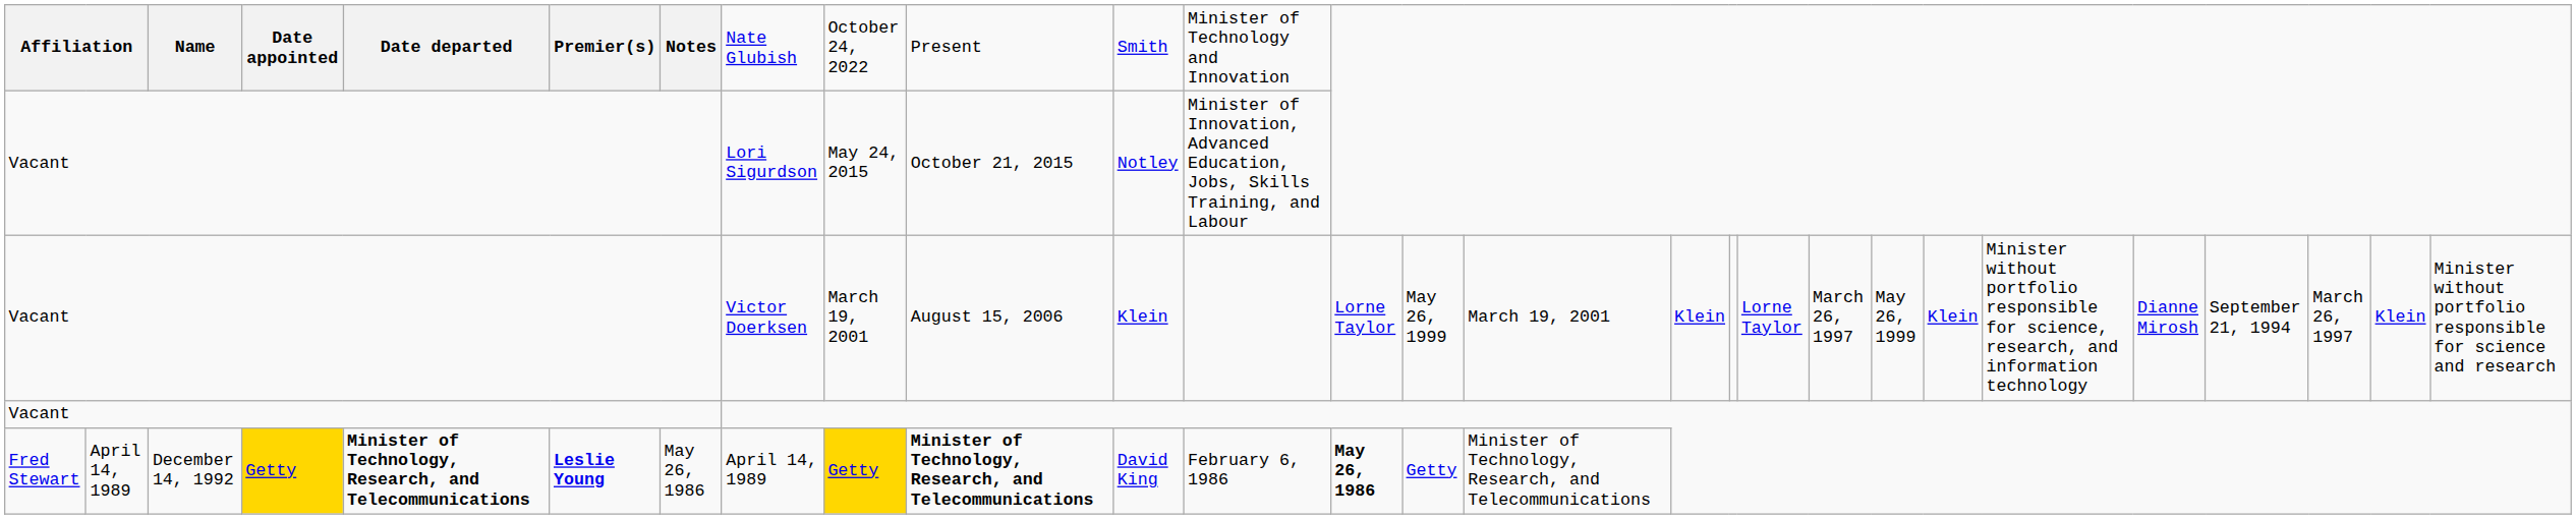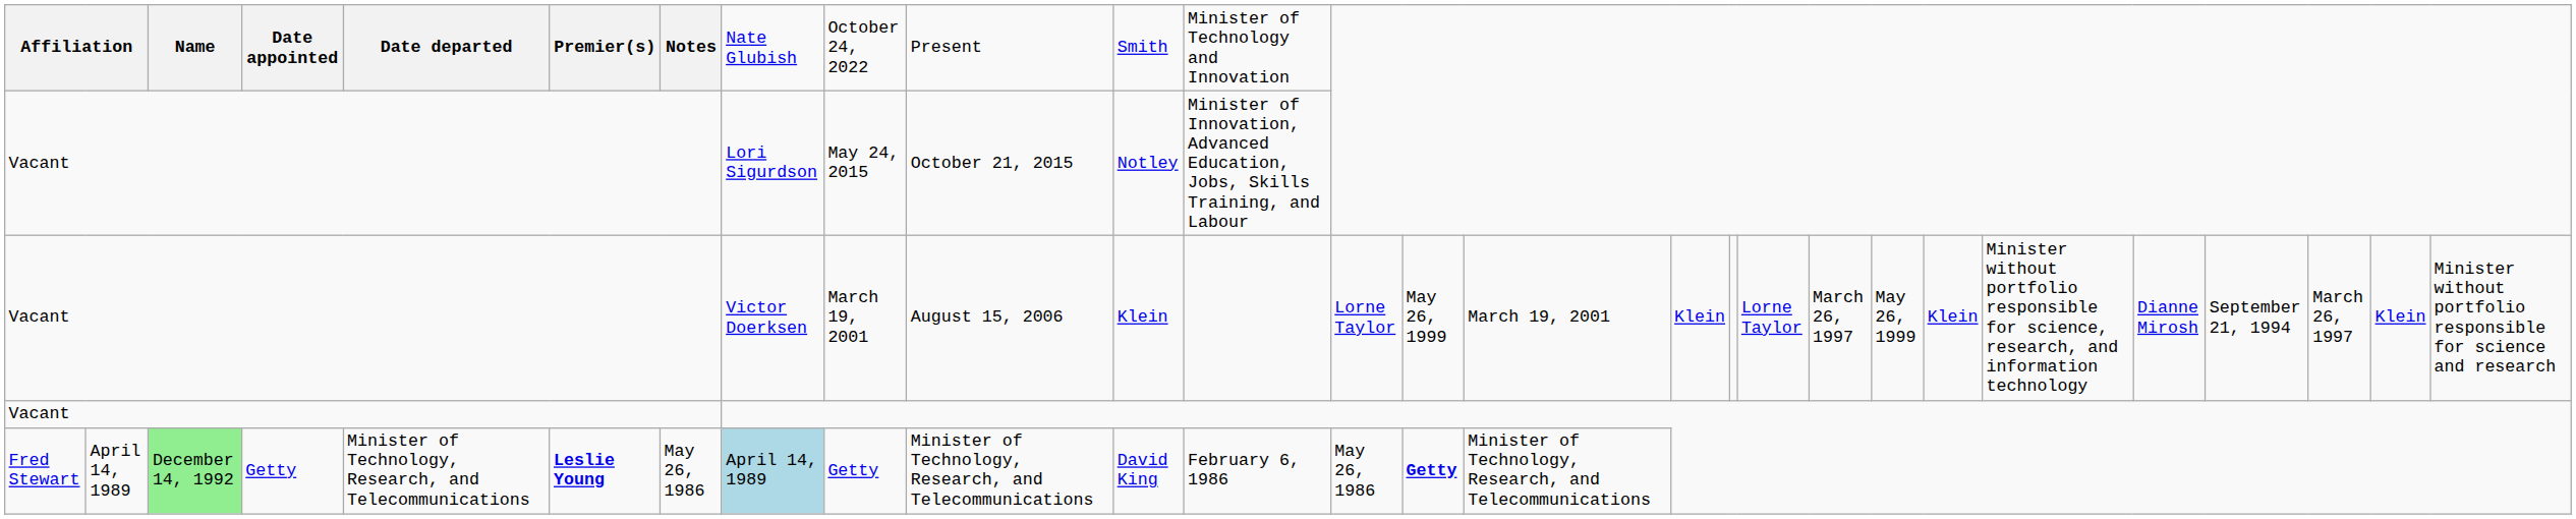 <table class="wikitable">
 <tr>
 <th colspan="2">Affiliation</th>
 <th>Name</th>
 <th>Date appointed</th>
 <th>Date departed</th>
 <th>Premier(s)</th>
 <th>Notes<br></th>
 <td><a href='#'>Nate Glubish</a></td>
 <td>October 24, 2022</td>
 <td>Present</td>
 <td><a href='#'>Smith</a></td>
 <td>Minister of Technology and Innovation</td>
 </tr>
 <tr>
 <td colspan="7">Vacant<br></td>
 <td><a href='#'>Lori Sigurdson</a></td>
 <td>May 24, 2015</td>
 <td>October 21, 2015</td>
 <td><a href='#'>Notley</a></td>
 <td>Minister of Innovation, Advanced Education, Jobs, Skills Training, and Labour</td>
 </tr>
 <tr>
 <td colspan="7">Vacant<br></td>
 <td><a href='#'>Victor Doerksen</a></td>
 <td>March 19, 2001</td>
 <td>August 15, 2006</td>
 <td><a href='#'>Klein</a></td>
 <td><br></td>
 <td><a href='#'>Lorne Taylor</a></td>
 <td>May 26, 1999</td>
 <td>March 19, 2001</td>
 <td><a href='#'>Klein</a></td>
 <td><br></td>
 <td><a href='#'>Lorne Taylor</a></td>
 <td>March 26, 1997</td>
 <td>May 26, 1999</td>
 <td><a href='#'>Klein</a></td>
 <td>Minister without portfolio responsible for science, research, and information technology<br></td>
 <td><a href='#'>Dianne Mirosh</a></td>
 <td>September 21, 1994</td>
 <td>March 26, 1997</td>
 <td><a href='#'>Klein</a></td>
 <td>Minister without portfolio responsible for science and research</td>
 </tr>
 <tr>
 <td colspan="7">Vacant</td>
 </tr>
 <tr>
 <td><a href='#'>Fred Stewart</a></td>
 <td>April 14, 1989</td>
-<td>December 14, 1992</td>
-<td style="background: gold;"><a href='#'>Getty</a></td>
-<td><strong>Minister of Technology, Research, and Telecommunications<br></strong></td>
+<td style="background: lightgreen;">December 14, 1992</td>
+<td><a href='#'>Getty</a></td>
+<td>Minister of Technology, Research, and Telecommunications<br></td>
 <td><strong><a href='#'>Leslie Young</a></strong></td>
 <td>May 26, 1986</td>
-<td>April 14, 1989</td>
-<td style="background: gold;"><a href='#'>Getty</a></td>
-<td><strong>Minister of Technology, Research, and Telecommunications<br></strong></td>
+<td style="background: lightblue;">April 14, 1989</td>
+<td><a href='#'>Getty</a></td>
+<td>Minister of Technology, Research, and Telecommunications<br></td>
 <td><a href='#'>David King</a></td>
 <td>February 6, 1986</td>
-<td><strong>May 26, 1986</strong></td>
-<td><a href='#'>Getty</a></td>
+<td>May 26, 1986</td>
+<td><strong><a href='#'>Getty</a></strong></td>
 <td>Minister of Technology, Research, and Telecommunications</td>
 </tr>
 </table>
